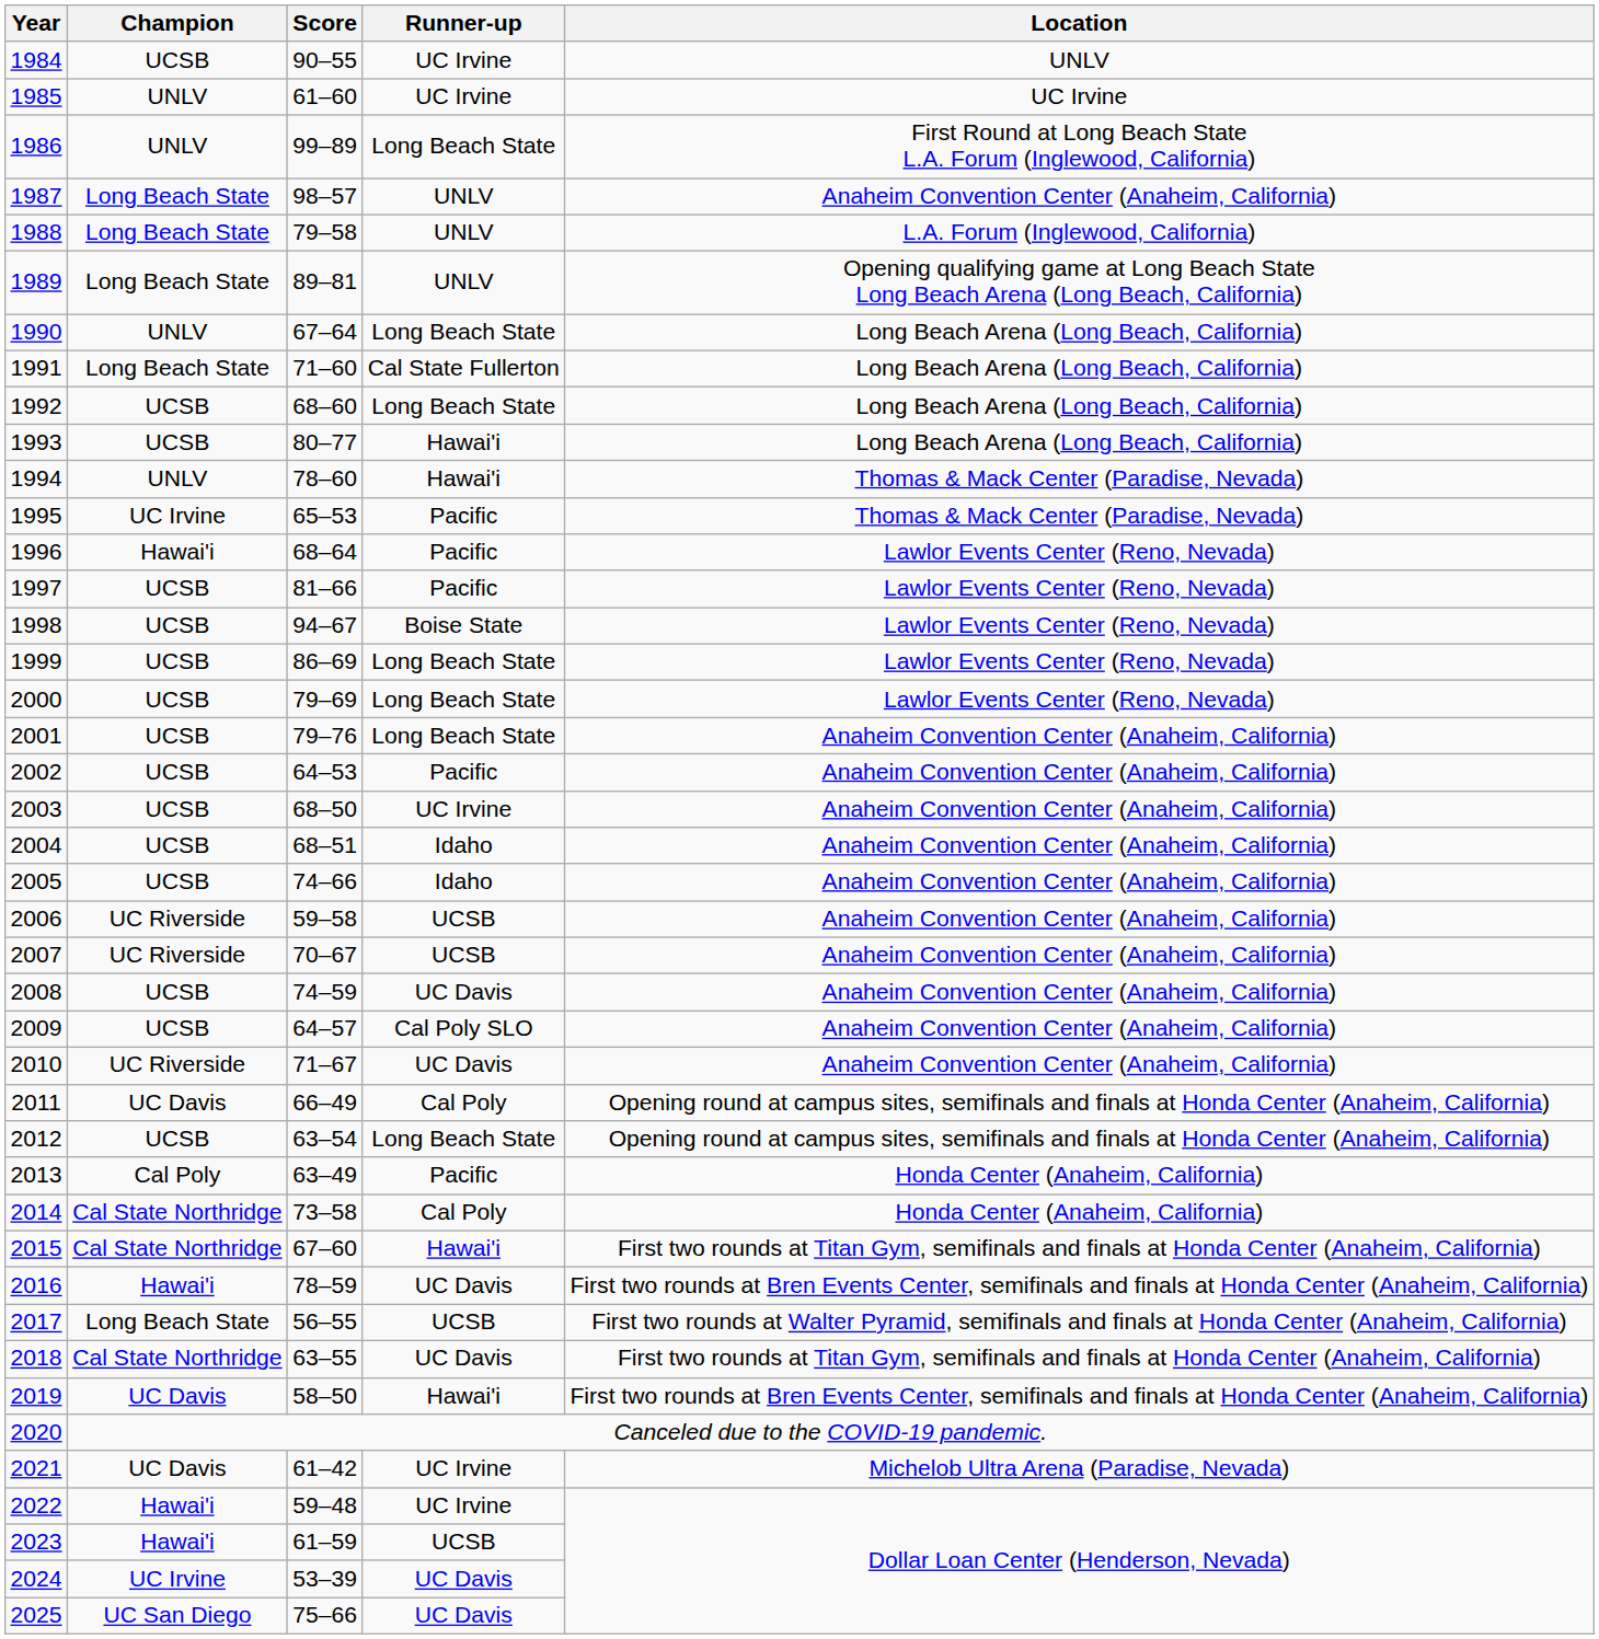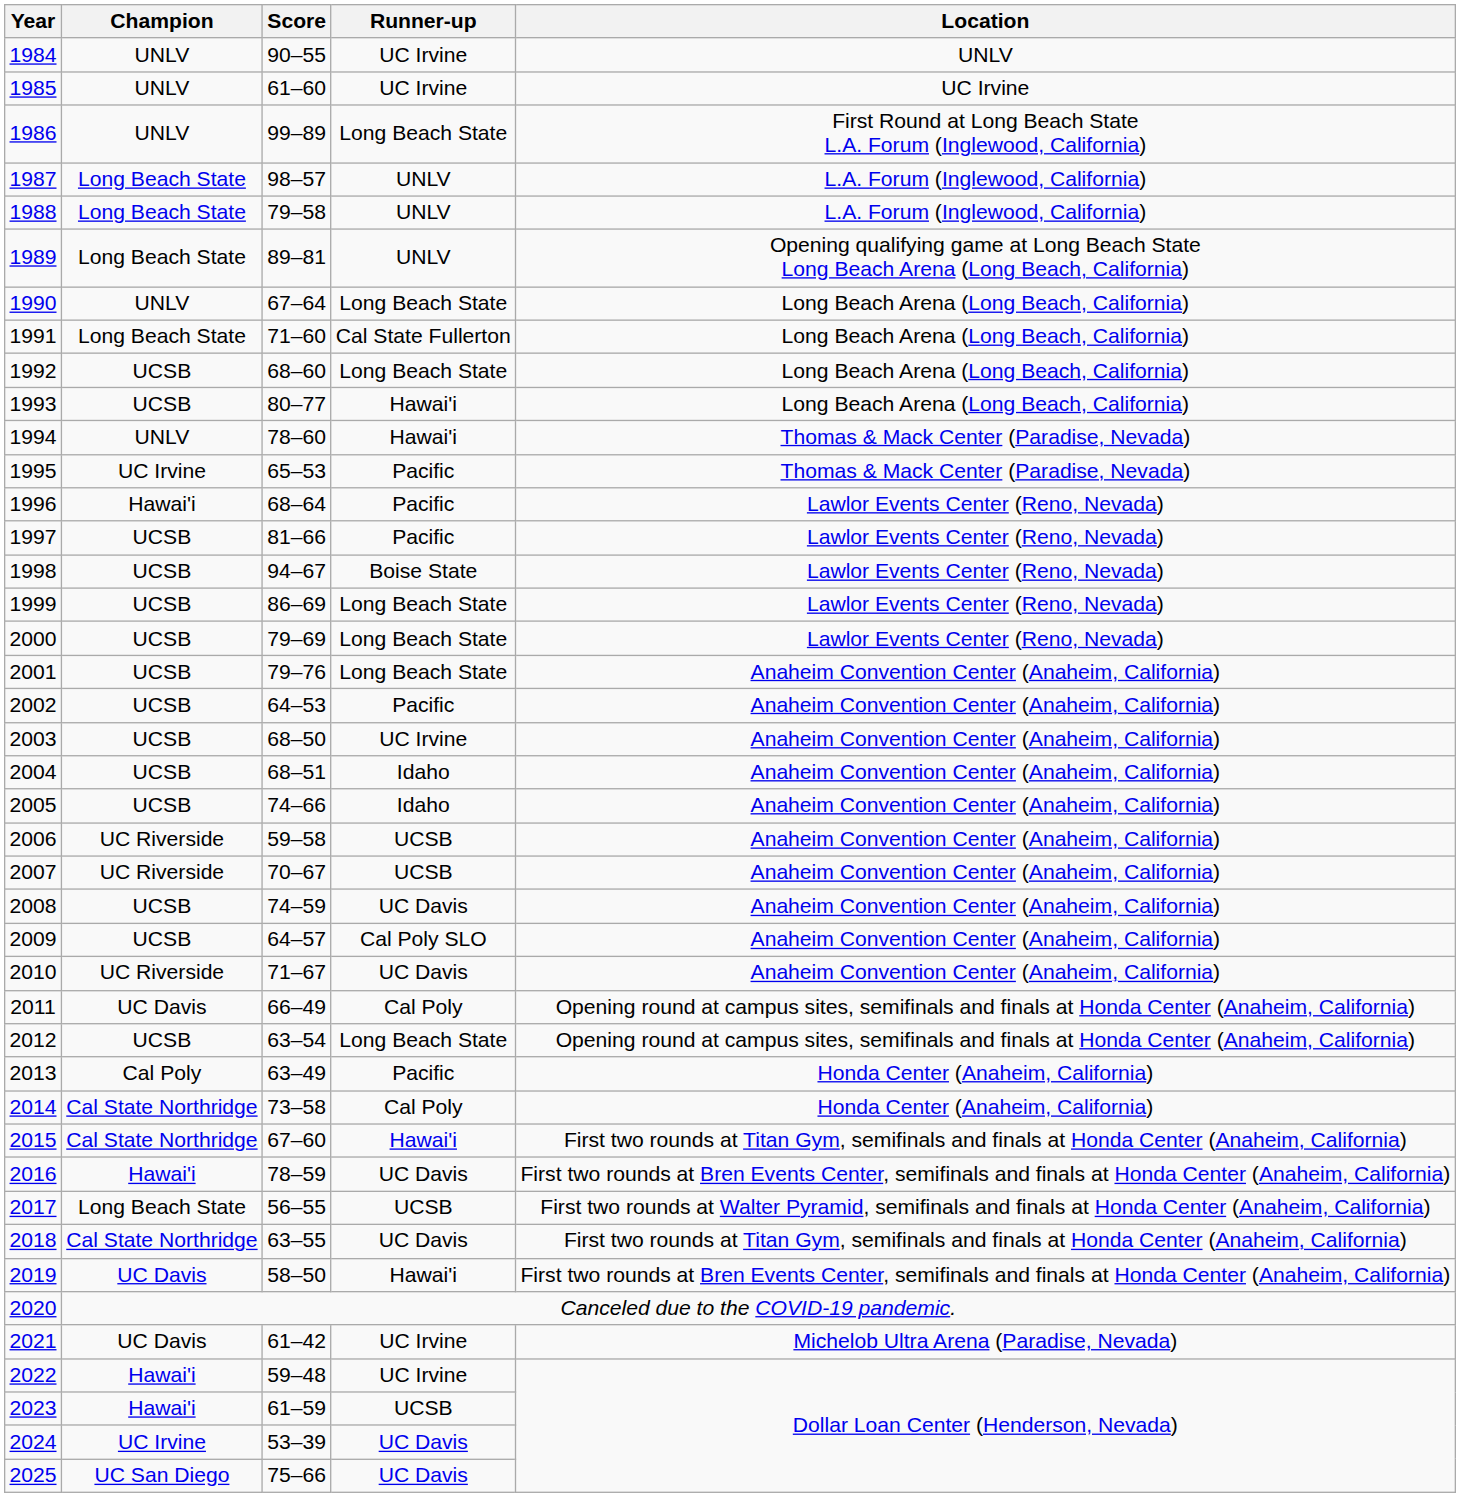 <table class="wikitable sortable" style="text-align:center">
 <tr>
 <th width=px>Year</th>
 <th width=px>Champion</th>
 <th width=px>Score</th>
 <th width=px>Runner-up</th>
 <th width=px>Location</th>
 </tr>
 <tr>
 <td><a href='#'>1984</a></td>
-<td>UCSB</td>
+<td>UNLV</td>
 <td>90–55</td>
 <td UC Irvine Anteaters>UC Irvine</td>
 <td>UNLV</td>
 </tr>
 <tr>
 <td><a href='#'>1985</a></td>
 <td>UNLV</td>
 <td>61–60</td>
 <td>UC Irvine</td>
 <td>UC Irvine</td>
 </tr>
 <tr>
 <td><a href='#'>1986</a></td>
 <td>UNLV</td>
 <td>99–89</td>
 <td>Long Beach State</td>
 <td>First Round at Long Beach State<br><a href='#'>L.A. Forum</a> (<a href='#'>Inglewood, California</a>)</td>
 </tr>
 <tr>
 <td><a href='#'>1987</a></td>
 <td><a href='#'>Long Beach State</a></td>
 <td>98–57</td>
 <td>UNLV</td>
-<td><a href='#'>Anaheim Convention Center</a> (<a href='#'>Anaheim, California</a>)</td>
+<td><a href='#'>L.A. Forum</a> (<a href='#'>Inglewood, California</a>)</td>
 </tr>
 <tr>
 <td><a href='#'>1988</a></td>
 <td><a href='#'>Long Beach State</a></td>
 <td>79–58</td>
 <td>UNLV</td>
 <td><a href='#'>L.A. Forum</a> (<a href='#'>Inglewood, California</a>)</td>
 </tr>
 <tr>
 <td><a href='#'>1989</a></td>
 <td>Long Beach State</td>
 <td>89–81</td>
 <td>UNLV</td>
 <td>Opening qualifying game at Long Beach State<br><a href='#'>Long Beach Arena</a> (<a href='#'>Long Beach, California</a>)</td>
 </tr>
 <tr>
 <td><a href='#'>1990</a></td>
 <td>UNLV</td>
 <td>67–64</td>
 <td>Long Beach State</td>
 <td>Long Beach Arena (<a href='#'>Long Beach, California</a>)</td>
 </tr>
 <tr>
 <td>1991</td>
 <td>Long Beach State</td>
 <td>71–60</td>
 <td>Cal State Fullerton</td>
 <td>Long Beach Arena (<a href='#'>Long Beach, California</a>)</td>
 </tr>
 <tr>
 <td>1992</td>
 <td>UCSB</td>
 <td>68–60</td>
 <td>Long Beach State</td>
 <td>Long Beach Arena (<a href='#'>Long Beach, California</a>)</td>
 </tr>
 <tr>
 <td>1993</td>
 <td>UCSB</td>
 <td>80–77</td>
 <td>Hawai'i</td>
 <td>Long Beach Arena (<a href='#'>Long Beach, California</a>)</td>
 </tr>
 <tr>
 <td>1994</td>
 <td>UNLV</td>
 <td>78–60</td>
 <td>Hawai'i</td>
 <td><a href='#'>Thomas & Mack Center</a> (<a href='#'>Paradise, Nevada</a>)</td>
 </tr>
 <tr>
 <td>1995</td>
 <td>UC Irvine</td>
 <td>65–53</td>
 <td>Pacific</td>
 <td><a href='#'>Thomas & Mack Center</a> (<a href='#'>Paradise, Nevada</a>)</td>
 </tr>
 <tr>
 <td>1996</td>
 <td>Hawai'i</td>
 <td>68–64</td>
 <td>Pacific</td>
 <td><a href='#'>Lawlor Events Center</a> (<a href='#'>Reno, Nevada</a>)</td>
 </tr>
 <tr>
 <td>1997</td>
 <td>UCSB</td>
 <td>81–66</td>
 <td>Pacific</td>
 <td><a href='#'>Lawlor Events Center</a> (<a href='#'>Reno, Nevada</a>)</td>
 </tr>
 <tr>
 <td>1998</td>
 <td>UCSB</td>
 <td>94–67</td>
 <td>Boise State</td>
 <td><a href='#'>Lawlor Events Center</a> (<a href='#'>Reno, Nevada</a>)</td>
 </tr>
 <tr>
 <td>1999</td>
 <td>UCSB</td>
 <td>86–69</td>
 <td>Long Beach State</td>
 <td><a href='#'>Lawlor Events Center</a> (<a href='#'>Reno, Nevada</a>)</td>
 </tr>
 <tr>
 <td>2000</td>
 <td>UCSB</td>
 <td>79–69</td>
 <td>Long Beach State</td>
 <td><a href='#'>Lawlor Events Center</a> (<a href='#'>Reno, Nevada</a>)</td>
 </tr>
 <tr>
 <td>2001</td>
 <td>UCSB</td>
 <td>79–76</td>
 <td>Long Beach State</td>
 <td><a href='#'>Anaheim Convention Center</a> (<a href='#'>Anaheim, California</a>)</td>
 </tr>
 <tr>
 <td>2002</td>
 <td>UCSB</td>
 <td>64–53</td>
 <td>Pacific</td>
 <td><a href='#'>Anaheim Convention Center</a> (<a href='#'>Anaheim, California</a>)</td>
 </tr>
 <tr>
 <td>2003</td>
 <td>UCSB</td>
 <td>68–50</td>
 <td>UC Irvine</td>
 <td><a href='#'>Anaheim Convention Center</a> (<a href='#'>Anaheim, California</a>)</td>
 </tr>
 <tr>
 <td>2004</td>
 <td>UCSB</td>
 <td>68–51</td>
 <td>Idaho</td>
 <td><a href='#'>Anaheim Convention Center</a> (<a href='#'>Anaheim, California</a>)</td>
 </tr>
 <tr>
 <td>2005</td>
 <td>UCSB</td>
 <td>74–66</td>
 <td>Idaho</td>
 <td><a href='#'>Anaheim Convention Center</a> (<a href='#'>Anaheim, California</a>)</td>
 </tr>
 <tr>
 <td>2006</td>
 <td>UC Riverside</td>
 <td>59–58</td>
 <td>UCSB</td>
 <td><a href='#'>Anaheim Convention Center</a> (<a href='#'>Anaheim, California</a>)</td>
 </tr>
 <tr>
 <td>2007</td>
 <td>UC Riverside</td>
 <td>70–67</td>
 <td>UCSB</td>
 <td><a href='#'>Anaheim Convention Center</a> (<a href='#'>Anaheim, California</a>)</td>
 </tr>
 <tr>
 <td>2008</td>
 <td>UCSB</td>
 <td>74–59</td>
 <td>UC Davis</td>
 <td><a href='#'>Anaheim Convention Center</a> (<a href='#'>Anaheim, California</a>)</td>
 </tr>
 <tr>
 <td>2009</td>
 <td>UCSB</td>
 <td>64–57</td>
 <td>Cal Poly SLO</td>
 <td><a href='#'>Anaheim Convention Center</a> (<a href='#'>Anaheim, California</a>)</td>
 </tr>
 <tr>
 <td>2010</td>
 <td>UC Riverside</td>
 <td>71–67</td>
 <td>UC Davis</td>
 <td><a href='#'>Anaheim Convention Center</a> (<a href='#'>Anaheim, California</a>)</td>
 </tr>
 <tr>
 <td>2011</td>
 <td>UC Davis</td>
 <td>66–49</td>
 <td>Cal Poly</td>
 <td>Opening round at campus sites, semifinals and finals at <a href='#'>Honda Center</a> (<a href='#'>Anaheim, California</a>)</td>
 </tr>
 <tr>
 <td>2012</td>
 <td>UCSB</td>
 <td>63–54</td>
 <td>Long Beach State</td>
 <td>Opening round at campus sites, semifinals and finals at <a href='#'>Honda Center</a> (<a href='#'>Anaheim, California</a>)</td>
 </tr>
 <tr>
 <td>2013</td>
 <td>Cal Poly</td>
 <td>63–49</td>
 <td>Pacific</td>
 <td><a href='#'>Honda Center</a> (<a href='#'>Anaheim, California</a>)</td>
 </tr>
 <tr>
 <td><a href='#'>2014</a></td>
 <td><a href='#'>Cal State Northridge</a></td>
 <td>73–58</td>
 <td>Cal Poly</td>
 <td><a href='#'>Honda Center</a> (<a href='#'>Anaheim, California</a>)</td>
 </tr>
 <tr>
 <td><a href='#'>2015</a></td>
 <td><a href='#'>Cal State Northridge</a></td>
 <td>67–60</td>
 <td><a href='#'>Hawai'i</a></td>
 <td>First two rounds at <a href='#'>Titan Gym</a>, semifinals and finals at <a href='#'>Honda Center</a> (<a href='#'>Anaheim, California</a>)</td>
 </tr>
 <tr>
 <td><a href='#'>2016</a></td>
 <td><a href='#'>Hawai'i</a></td>
 <td>78–59</td>
 <td>UC Davis</td>
 <td>First two rounds at <a href='#'>Bren Events Center</a>, semifinals and finals at <a href='#'>Honda Center</a> (<a href='#'>Anaheim, California</a>)</td>
 </tr>
 <tr>
 <td><a href='#'>2017</a></td>
 <td>Long Beach State</td>
 <td>56–55</td>
 <td>UCSB</td>
 <td>First two rounds at <a href='#'>Walter Pyramid</a>, semifinals and finals at <a href='#'>Honda Center</a> (<a href='#'>Anaheim, California</a>)</td>
 </tr>
 <tr>
 <td><a href='#'>2018</a></td>
 <td><a href='#'>Cal State Northridge</a></td>
 <td>63–55</td>
 <td>UC Davis</td>
 <td>First two rounds at <a href='#'>Titan Gym</a>, semifinals and finals at <a href='#'>Honda Center</a> (<a href='#'>Anaheim, California</a>)</td>
 </tr>
 <tr>
 <td><a href='#'>2019</a></td>
 <td><a href='#'>UC Davis</a></td>
 <td>58–50</td>
 <td>Hawai'i</td>
 <td>First two rounds at <a href='#'>Bren Events Center</a>, semifinals and finals at <a href='#'>Honda Center</a> (<a href='#'>Anaheim, California</a>)</td>
 </tr>
 <tr>
 <td><a href='#'>2020</a></td>
 <td colspan="4"><em>Canceled due to the <a href='#'>COVID-19 pandemic</a>.</em></td>
 </tr>
 <tr>
 <td><a href='#'>2021</a></td>
 <td>UC Davis</td>
 <td>61–42</td>
 <td>UC Irvine</td>
 <td><a href='#'>Michelob Ultra Arena</a> (<a href='#'>Paradise, Nevada</a>)</td>
 </tr>
 <tr>
 <td><a href='#'>2022</a></td>
 <td><a href='#'>Hawai'i</a></td>
 <td>59–48</td>
 <td>UC Irvine</td>
 <td rowspan="4"><a href='#'>Dollar Loan Center</a> (<a href='#'>Henderson, Nevada</a>)</td>
 </tr>
 <tr>
 <td><a href='#'>2023</a></td>
 <td><a href='#'>Hawai'i</a></td>
 <td>61–59</td>
 <td>UCSB</td>
 </tr>
 <tr>
 <td><a href='#'>2024</a></td>
 <td><a href='#'>UC Irvine</a></td>
 <td>53–39</td>
 <td><a href='#'>UC Davis</a></td>
 </tr>
 <tr>
 <td><a href='#'>2025</a></td>
 <td><a href='#'>UC San Diego</a></td>
 <td>75–66</td>
 <td><a href='#'>UC Davis</a></td>
 </tr>
 </table>
